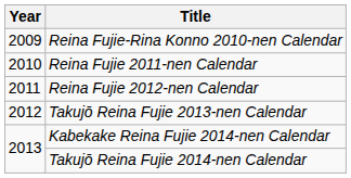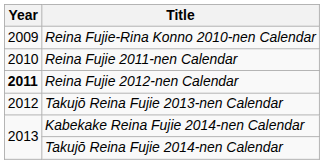 <table class="wikitable">
 <tr>
 <th>Year</th>
 <th>Title</th>
 </tr>
 <tr>
 <td>2009</td>
 <td><em>Reina Fujie-Rina Konno 2010-nen Calendar</em></td>
 </tr>
 <tr>
 <td>2010</td>
 <td><em>Reina Fujie 2011-nen Calendar</em></td>
 </tr>
 <tr>
-<td>2011</td>
+<td><strong>2011</strong></td>
 <td><em>Reina Fujie 2012-nen Calendar</em></td>
 </tr>
 <tr>
 <td>2012</td>
 <td><em>Takujō Reina Fujie 2013-nen Calendar</em></td>
 </tr>
 <tr>
 <td rowspan="2">2013</td>
 <td><em>Kabekake Reina Fujie 2014-nen Calendar</em></td>
 </tr>
 <tr>
 <td><em>Takujō Reina Fujie 2014-nen Calendar</em></td>
 </tr>
 </table>
